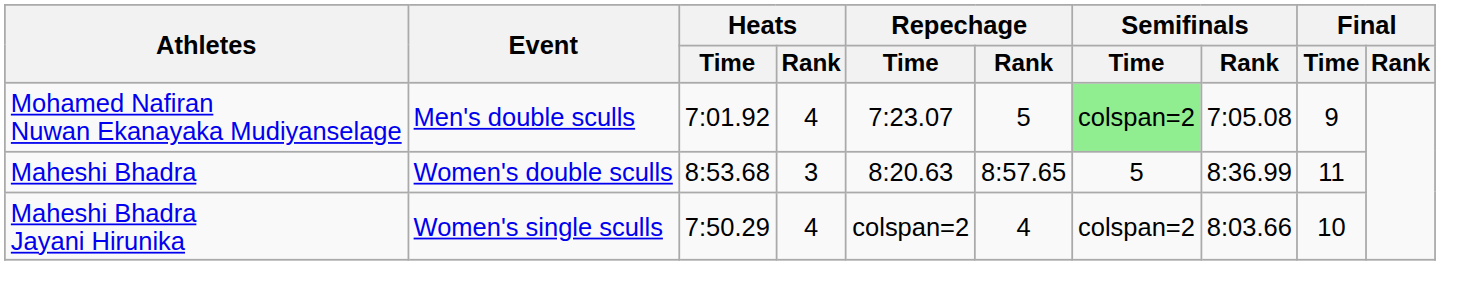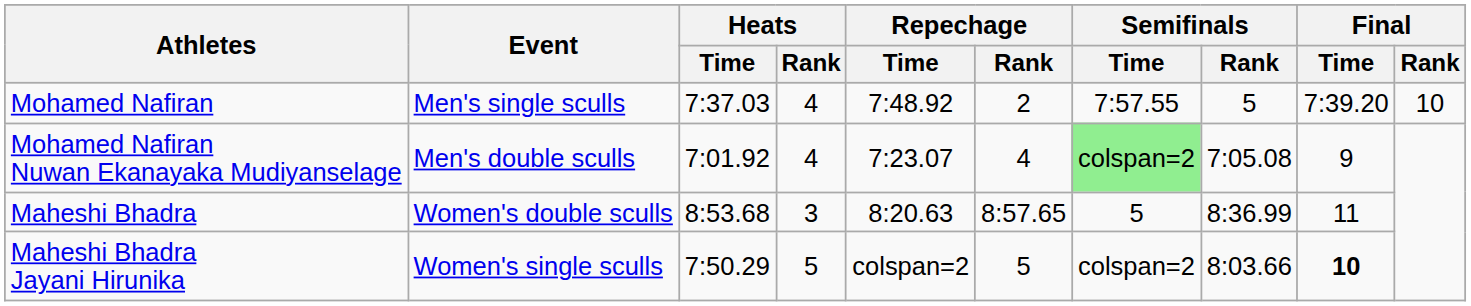 <table class="wikitable" style="font-size:90%">
 <tr>
 <th rowspan="2">Athletes</th>
 <th rowspan="2">Event</th>
 <th colspan="2">Heats</th>
 <th colspan="2">Repechage</th>
 <th colspan="2">Semifinals</th>
 <th colspan="2">Final</th>
 </tr>
 <tr style="font-size:95%">
 <th>Time</th>
 <th>Rank</th>
 <th>Time</th>
 <th>Rank</th>
 <th>Time</th>
 <th>Rank</th>
 <th>Time</th>
 <th>Rank</th>
 </tr>
 <tr align=center>
+<td align=left><a href='#'>Mohamed Nafiran</a></td>
+<td align=left><a href='#'>Men's single sculls</a></td>
+<td>7:37.03</td>
+<td>4 <strong></strong></td>
+<td>7:48.92</td>
+<td>2 <strong></strong></td>
+<td>7:57.55</td>
+<td>5 <strong></strong></td>
+<td>7:39.20</td>
+<td>10</td>
+</tr>
+<tr align=center>
 <td align=left><a href='#'>Mohamed Nafiran</a><br><a href='#'>Nuwan Ekanayaka Mudiyanselage</a></td>
 <td align=left><a href='#'>Men's double sculls</a></td>
 <td>7:01.92</td>
 <td>4 <strong></strong></td>
 <td>7:23.07</td>
-<td>5 <strong></strong></td>
+<td>4 <strong></strong></td>
 <td style="background: lightgreen;">colspan=2 </td>
 <td>7:05.08</td>
 <td>9</td>
 </tr>
 <tr align=center>
 <td align=left><a href='#'>Maheshi Bhadra</a></td>
 <td align=left><a href='#'>Women's double sculls</a></td>
 <td>8:53.68</td>
 <td>3 <strong></strong></td>
 <td>8:20.63</td>
 <td>8:57.65</td>
 <td>5 <strong></strong></td>
 <td>8:36.99</td>
 <td>11</td>
 </tr>
 <tr align=center>
 <td align=left><a href='#'>Maheshi Bhadra</a><br><a href='#'>Jayani Hirunika</a></td>
 <td align=left><a href='#'>Women's single sculls</a></td>
 <td>7:50.29</td>
-<td>4 <strong></strong></td>
+<td>5 <strong></strong></td>
 <td>colspan=2 </td>
-<td>4 <strong></strong></td>
+<td>5 <strong></strong></td>
 <td>colspan=2 </td>
 <td>8:03.66</td>
-<td>10</td>
+<td><strong>10</strong></td>
 </tr>
 </table>
